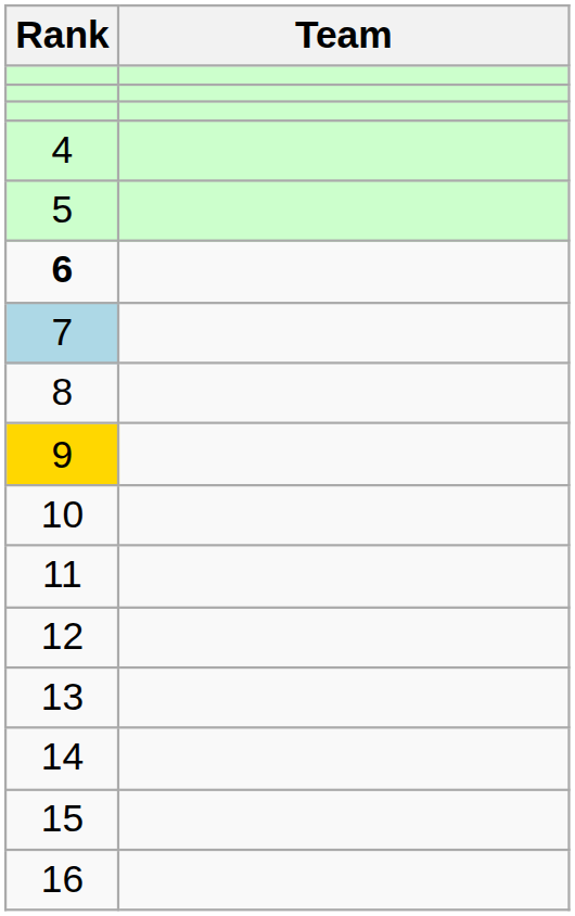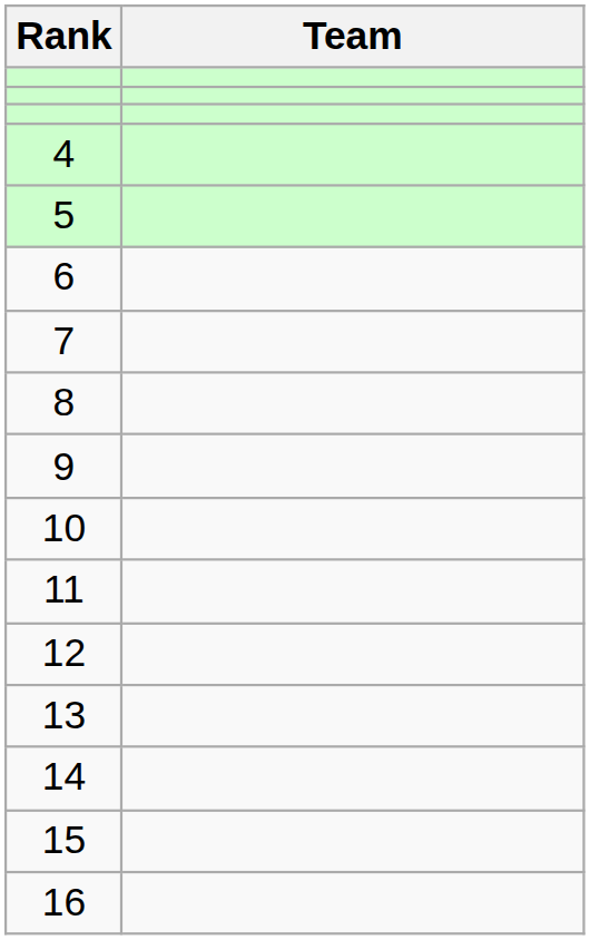 <table class="wikitable">
 <tr>
 <th width=40>Rank</th>
 <th width=180>Team</th>
 </tr>
 <tr style="background: #CCFFCC;">
 <td align=center></td>
 <td></td>
 </tr>
 <tr style="background: #CCFFCC;">
 <td align=center></td>
 <td></td>
 </tr>
 <tr style="background: #CCFFCC;">
 <td align=center></td>
 <td></td>
 </tr>
 <tr style="background: #CCFFCC;">
 <td align=center>4</td>
 <td></td>
 </tr>
 <tr style="background: #CCFFCC;">
 <td align=center>5</td>
 <td></td>
 </tr>
 <tr>
-<td align=center><strong>6</strong></td>
+<td align=center>6</td>
 <td></td>
 </tr>
 <tr>
-<td align=center style="background: lightblue;">7</td>
+<td align=center>7</td>
 <td></td>
 </tr>
 <tr>
 <td align=center>8</td>
 <td></td>
 </tr>
 <tr>
-<td align=center style="background: gold;">9</td>
+<td align=center>9</td>
 <td></td>
 </tr>
 <tr>
 <td align=center>10</td>
 <td></td>
 </tr>
 <tr>
 <td align=center>11</td>
 <td></td>
 </tr>
 <tr>
 <td align=center>12</td>
 <td></td>
 </tr>
 <tr>
 <td align=center>13</td>
 <td></td>
 </tr>
 <tr>
 <td align=center>14</td>
 <td></td>
 </tr>
 <tr>
 <td align=center>15</td>
 <td></td>
 </tr>
 <tr>
 <td align=center>16</td>
 <td></td>
 </tr>
 </table>
